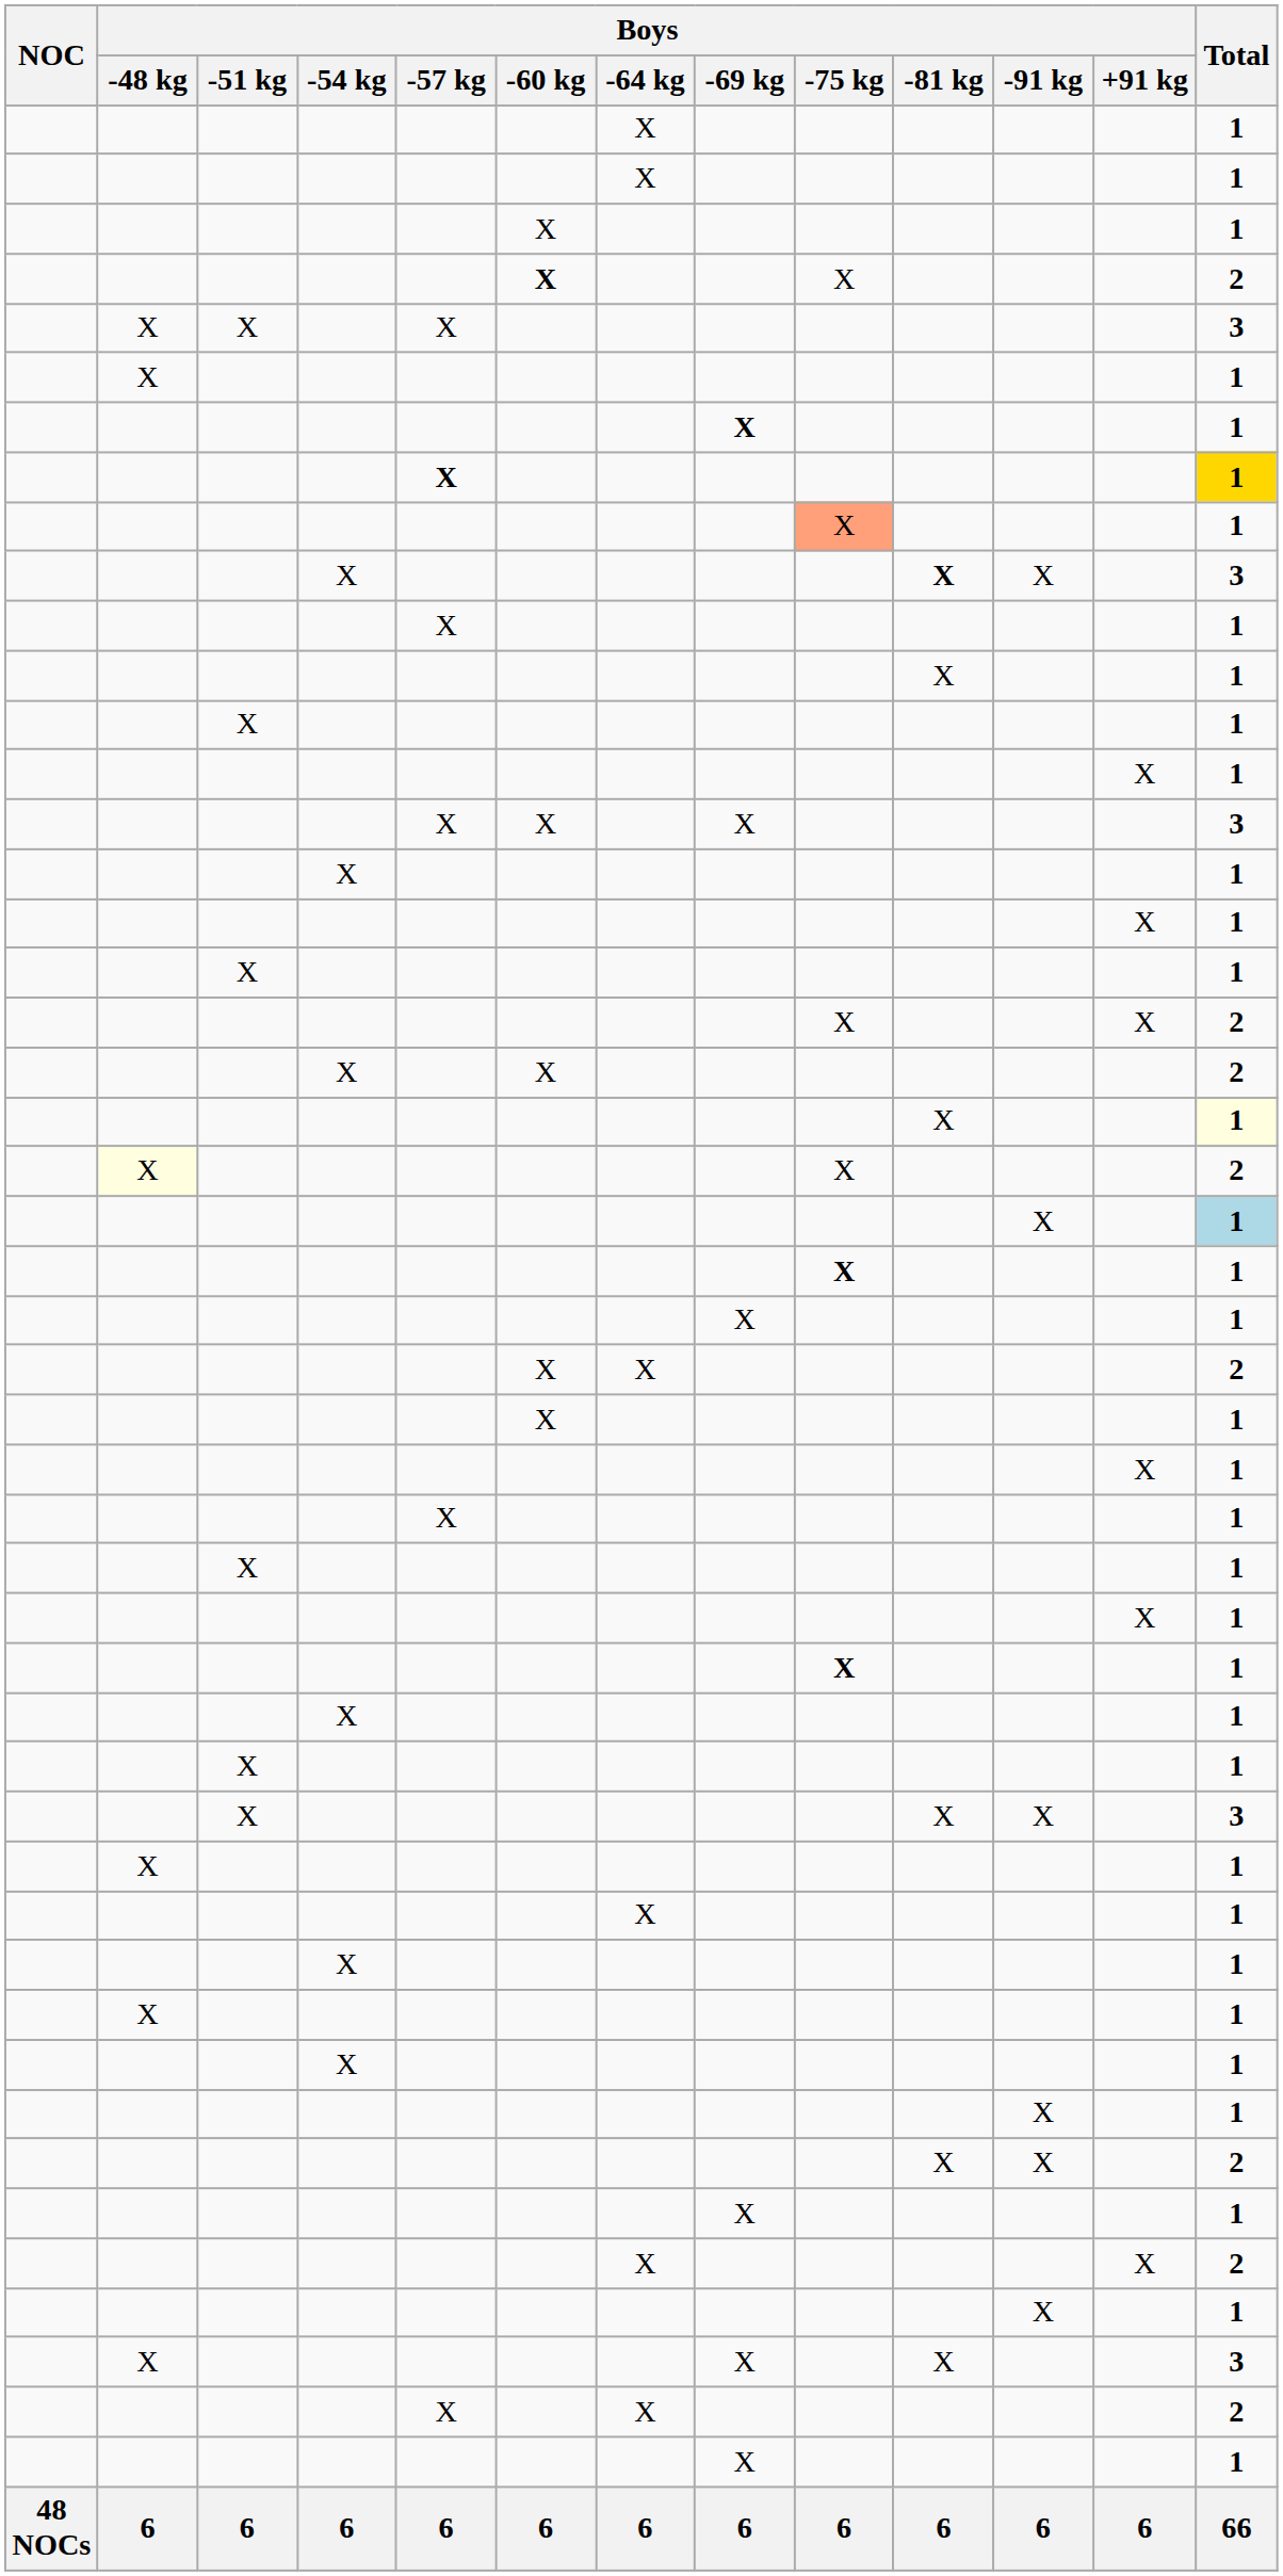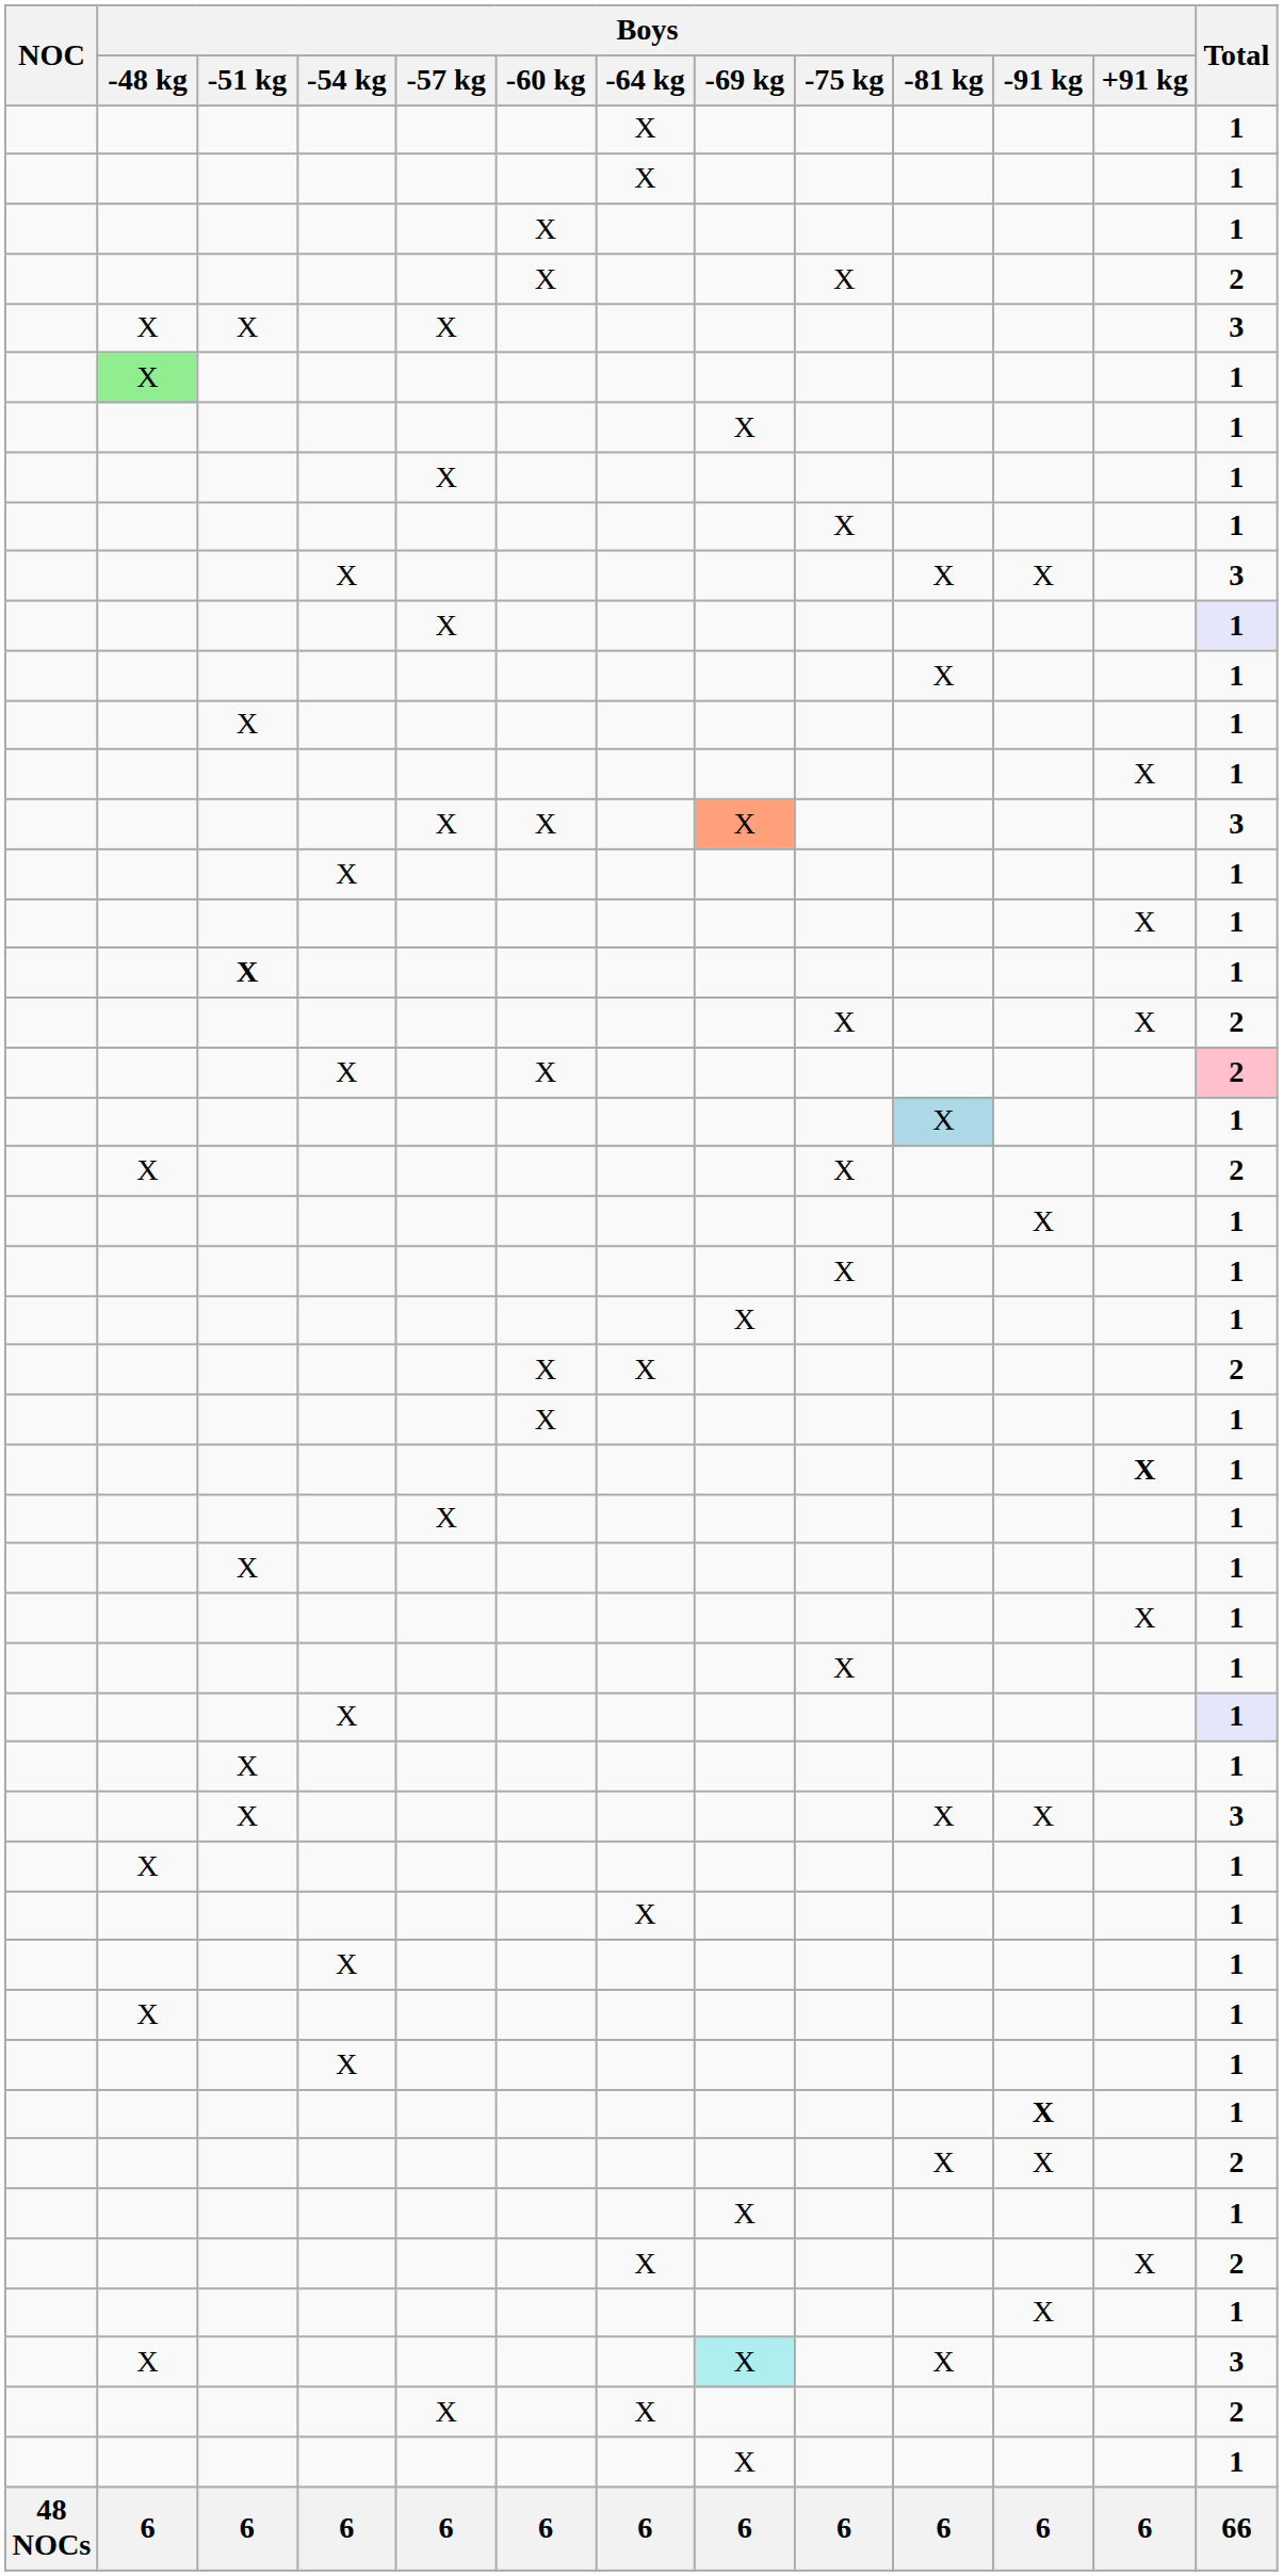 <table class="wikitable" style="text-align:center; font-size:90%">
 <tr>
 <th rowspan="2">NOC</th>
 <th colspan="11">Boys</th>
 <th rowspan="2">Total</th>
 </tr>
 <tr>
 <th width=45>-48 kg</th>
 <th width=45>-51 kg</th>
 <th width=45>-54 kg</th>
 <th width=45>-57 kg</th>
 <th width=45>-60 kg</th>
 <th width=45>-64 kg</th>
 <th width=45>-69 kg</th>
 <th width=45>-75 kg</th>
 <th width=45>-81 kg</th>
 <th width=45>-91 kg</th>
 <th width=45>+91 kg</th>
 </tr>
 <tr>
 <td align="left"></td>
 <td></td>
 <td></td>
 <td></td>
 <td></td>
 <td></td>
 <td>X</td>
 <td></td>
 <td></td>
 <td></td>
 <td></td>
 <td></td>
 <td><strong>1</strong></td>
 </tr>
 <tr>
 <td align="left"></td>
 <td></td>
 <td></td>
 <td></td>
 <td></td>
 <td></td>
 <td>X</td>
 <td></td>
 <td></td>
 <td></td>
 <td></td>
 <td></td>
 <td><strong>1</strong></td>
 </tr>
 <tr>
 <td align="left"></td>
 <td></td>
 <td></td>
 <td></td>
 <td></td>
 <td>X</td>
 <td></td>
 <td></td>
 <td></td>
 <td></td>
 <td></td>
 <td></td>
 <td><strong>1</strong></td>
 </tr>
 <tr>
 <td align="left"></td>
 <td></td>
 <td></td>
 <td></td>
 <td></td>
-<td><strong>X</strong></td>
+<td>X</td>
 <td></td>
 <td></td>
 <td>X</td>
 <td></td>
 <td></td>
 <td></td>
 <td><strong>2</strong></td>
 </tr>
 <tr>
 <td align="left"></td>
 <td>X</td>
 <td>X</td>
 <td></td>
 <td>X</td>
 <td></td>
 <td></td>
 <td></td>
 <td></td>
 <td></td>
 <td></td>
 <td></td>
 <td><strong>3</strong></td>
 </tr>
 <tr>
 <td align="left"></td>
-<td>X</td>
+<td style="background: lightgreen;">X</td>
 <td></td>
 <td></td>
 <td></td>
 <td></td>
 <td></td>
 <td></td>
 <td></td>
 <td></td>
 <td></td>
 <td></td>
 <td><strong>1</strong></td>
 </tr>
 <tr>
 <td align="left"></td>
 <td></td>
 <td></td>
 <td></td>
 <td></td>
 <td></td>
 <td></td>
-<td><strong>X</strong></td>
+<td>X</td>
 <td></td>
 <td></td>
 <td></td>
 <td></td>
 <td><strong>1</strong></td>
 </tr>
 <tr>
 <td align="left"></td>
 <td></td>
 <td></td>
 <td></td>
-<td><strong>X</strong></td>
+<td>X</td>
 <td></td>
 <td></td>
 <td></td>
 <td></td>
 <td></td>
 <td></td>
 <td></td>
-<td style="background: gold;"><strong>1</strong></td>
+<td><strong>1</strong></td>
 </tr>
 <tr>
 <td align="left"></td>
 <td></td>
 <td></td>
 <td></td>
 <td></td>
 <td></td>
 <td></td>
 <td></td>
-<td style="background: lightsalmon;">X</td>
+<td>X</td>
 <td></td>
 <td></td>
 <td></td>
 <td><strong>1</strong></td>
 </tr>
 <tr>
 <td align="left"></td>
 <td></td>
 <td></td>
 <td>X</td>
 <td></td>
 <td></td>
 <td></td>
 <td></td>
 <td></td>
-<td><strong>X</strong></td>
+<td>X</td>
 <td>X</td>
 <td></td>
 <td><strong>3</strong></td>
 </tr>
 <tr>
 <td align="left"></td>
 <td></td>
 <td></td>
 <td></td>
 <td>X</td>
 <td></td>
 <td></td>
 <td></td>
 <td></td>
 <td></td>
 <td></td>
 <td></td>
-<td><strong>1</strong></td>
+<td style="background: lavender;"><strong>1</strong></td>
 </tr>
 <tr>
 <td align="left"></td>
 <td></td>
 <td></td>
 <td></td>
 <td></td>
 <td></td>
 <td></td>
 <td></td>
 <td></td>
 <td>X</td>
 <td></td>
 <td></td>
 <td><strong>1</strong></td>
 </tr>
 <tr>
 <td align="left"></td>
 <td></td>
 <td>X</td>
 <td></td>
 <td></td>
 <td></td>
 <td></td>
 <td></td>
 <td></td>
 <td></td>
 <td></td>
 <td></td>
 <td><strong>1</strong></td>
 </tr>
 <tr>
 <td align="left"></td>
 <td></td>
 <td></td>
 <td></td>
 <td></td>
 <td></td>
 <td></td>
 <td></td>
 <td></td>
 <td></td>
 <td></td>
 <td>X</td>
 <td><strong>1</strong></td>
 </tr>
 <tr>
 <td align="left"></td>
 <td></td>
 <td></td>
 <td></td>
 <td>X</td>
 <td>X</td>
 <td></td>
-<td>X</td>
+<td style="background: lightsalmon;">X</td>
 <td></td>
 <td></td>
 <td></td>
 <td></td>
 <td><strong>3</strong></td>
 </tr>
 <tr>
 <td align="left"></td>
 <td></td>
 <td></td>
 <td>X</td>
 <td></td>
 <td></td>
 <td></td>
 <td></td>
 <td></td>
 <td></td>
 <td></td>
 <td></td>
 <td><strong>1</strong></td>
 </tr>
 <tr>
 <td align="left"></td>
 <td></td>
 <td></td>
 <td></td>
 <td></td>
 <td></td>
 <td></td>
 <td></td>
 <td></td>
 <td></td>
 <td></td>
 <td>X</td>
 <td><strong>1</strong></td>
 </tr>
 <tr>
 <td align="left"></td>
 <td></td>
-<td>X</td>
+<td><strong>X</strong></td>
 <td></td>
 <td></td>
 <td></td>
 <td></td>
 <td></td>
 <td></td>
 <td></td>
 <td></td>
 <td></td>
 <td><strong>1</strong></td>
 </tr>
 <tr>
 <td align="left"></td>
 <td></td>
 <td></td>
 <td></td>
 <td></td>
 <td></td>
 <td></td>
 <td></td>
 <td>X</td>
 <td></td>
 <td></td>
 <td>X</td>
 <td><strong>2</strong></td>
 </tr>
 <tr>
 <td align="left"></td>
 <td></td>
 <td></td>
 <td>X</td>
 <td></td>
 <td>X</td>
 <td></td>
 <td></td>
 <td></td>
 <td></td>
 <td></td>
 <td></td>
-<td><strong>2</strong></td>
+<td style="background: pink;"><strong>2</strong></td>
 </tr>
 <tr>
 <td align="left"></td>
 <td></td>
 <td></td>
 <td></td>
 <td></td>
 <td></td>
 <td></td>
 <td></td>
 <td></td>
-<td>X</td>
+<td style="background: lightblue;">X</td>
 <td></td>
 <td></td>
-<td style="background: lightyellow;"><strong>1</strong></td>
+<td><strong>1</strong></td>
 </tr>
 <tr>
 <td align="left"></td>
-<td style="background: lightyellow;">X</td>
+<td>X</td>
 <td></td>
 <td></td>
 <td></td>
 <td></td>
 <td></td>
 <td></td>
 <td>X</td>
 <td></td>
 <td></td>
 <td></td>
 <td><strong>2</strong></td>
 </tr>
 <tr>
 <td align="left"></td>
 <td></td>
 <td></td>
 <td></td>
 <td></td>
 <td></td>
 <td></td>
 <td></td>
 <td></td>
 <td></td>
 <td>X</td>
 <td></td>
-<td style="background: lightblue;"><strong>1</strong></td>
+<td><strong>1</strong></td>
 </tr>
 <tr>
 <td align="left"></td>
 <td></td>
 <td></td>
 <td></td>
 <td></td>
 <td></td>
 <td></td>
 <td></td>
-<td><strong>X</strong></td>
+<td>X</td>
 <td></td>
 <td></td>
 <td></td>
 <td><strong>1</strong></td>
 </tr>
 <tr>
 <td align="left"></td>
 <td></td>
 <td></td>
 <td></td>
 <td></td>
 <td></td>
 <td></td>
 <td>X</td>
 <td></td>
 <td></td>
 <td></td>
 <td></td>
 <td><strong>1</strong></td>
 </tr>
 <tr>
 <td align="left"></td>
 <td></td>
 <td></td>
 <td></td>
 <td></td>
 <td>X</td>
 <td>X</td>
 <td></td>
 <td></td>
 <td></td>
 <td></td>
 <td></td>
 <td><strong>2</strong></td>
 </tr>
 <tr>
 <td align="left"></td>
 <td></td>
 <td></td>
 <td></td>
 <td></td>
 <td>X</td>
 <td></td>
 <td></td>
 <td></td>
 <td></td>
 <td></td>
 <td></td>
 <td><strong>1</strong></td>
 </tr>
 <tr>
 <td align="left"></td>
 <td></td>
 <td></td>
 <td></td>
 <td></td>
 <td></td>
 <td></td>
 <td></td>
 <td></td>
 <td></td>
 <td></td>
-<td>X</td>
+<td><strong>X</strong></td>
 <td><strong>1</strong></td>
 </tr>
 <tr>
 <td align="left"></td>
 <td></td>
 <td></td>
 <td></td>
 <td>X</td>
 <td></td>
 <td></td>
 <td></td>
 <td></td>
 <td></td>
 <td></td>
 <td></td>
 <td><strong>1</strong></td>
 </tr>
 <tr>
 <td align="left"></td>
 <td></td>
 <td>X</td>
 <td></td>
 <td></td>
 <td></td>
 <td></td>
 <td></td>
 <td></td>
 <td></td>
 <td></td>
 <td></td>
 <td><strong>1</strong></td>
 </tr>
 <tr>
 <td align="left"></td>
 <td></td>
 <td></td>
 <td></td>
 <td></td>
 <td></td>
 <td></td>
 <td></td>
 <td></td>
 <td></td>
 <td></td>
 <td>X</td>
 <td><strong>1</strong></td>
 </tr>
 <tr>
 <td align="left"></td>
 <td></td>
 <td></td>
 <td></td>
 <td></td>
 <td></td>
 <td></td>
 <td></td>
-<td><strong>X</strong></td>
+<td>X</td>
 <td></td>
 <td></td>
 <td></td>
 <td><strong>1</strong></td>
 </tr>
 <tr>
 <td align="left"></td>
 <td></td>
 <td></td>
 <td>X</td>
 <td></td>
 <td></td>
 <td></td>
 <td></td>
 <td></td>
 <td></td>
 <td></td>
 <td></td>
-<td><strong>1</strong></td>
+<td style="background: lavender;"><strong>1</strong></td>
 </tr>
 <tr>
 <td align="left"></td>
 <td></td>
 <td>X</td>
 <td></td>
 <td></td>
 <td></td>
 <td></td>
 <td></td>
 <td></td>
 <td></td>
 <td></td>
 <td></td>
 <td><strong>1</strong></td>
 </tr>
 <tr>
 <td align="left"></td>
 <td></td>
 <td>X</td>
 <td></td>
 <td></td>
 <td></td>
 <td></td>
 <td></td>
 <td></td>
 <td>X</td>
 <td>X</td>
 <td></td>
 <td><strong>3</strong></td>
 </tr>
 <tr>
 <td align="left"></td>
 <td>X</td>
 <td></td>
 <td></td>
 <td></td>
 <td></td>
 <td></td>
 <td></td>
 <td></td>
 <td></td>
 <td></td>
 <td></td>
 <td><strong>1</strong></td>
 </tr>
 <tr>
 <td align="left"></td>
 <td></td>
 <td></td>
 <td></td>
 <td></td>
 <td></td>
 <td>X</td>
 <td></td>
 <td></td>
 <td></td>
 <td></td>
 <td></td>
 <td><strong>1</strong></td>
 </tr>
 <tr>
 <td align="left"></td>
 <td></td>
 <td></td>
 <td>X</td>
 <td></td>
 <td></td>
 <td></td>
 <td></td>
 <td></td>
 <td></td>
 <td></td>
 <td></td>
 <td><strong>1</strong></td>
 </tr>
 <tr>
 <td align="left"></td>
 <td>X</td>
 <td></td>
 <td></td>
 <td></td>
 <td></td>
 <td></td>
 <td></td>
 <td></td>
 <td></td>
 <td></td>
 <td></td>
 <td><strong>1</strong></td>
 </tr>
 <tr>
 <td align="left"></td>
 <td></td>
 <td></td>
 <td>X</td>
 <td></td>
 <td></td>
 <td></td>
 <td></td>
 <td></td>
 <td></td>
 <td></td>
 <td></td>
 <td><strong>1</strong></td>
 </tr>
 <tr>
 <td align="left"></td>
 <td></td>
 <td></td>
 <td></td>
 <td></td>
 <td></td>
 <td></td>
 <td></td>
 <td></td>
 <td></td>
-<td>X</td>
+<td><strong>X</strong></td>
 <td></td>
 <td><strong>1</strong></td>
 </tr>
 <tr>
 <td align="left"></td>
 <td></td>
 <td></td>
 <td></td>
 <td></td>
 <td></td>
 <td></td>
 <td></td>
 <td></td>
 <td>X</td>
 <td>X</td>
 <td></td>
 <td><strong>2</strong></td>
 </tr>
 <tr>
 <td align="left"></td>
 <td></td>
 <td></td>
 <td></td>
 <td></td>
 <td></td>
 <td></td>
 <td>X</td>
 <td></td>
 <td></td>
 <td></td>
 <td></td>
 <td><strong>1</strong></td>
 </tr>
 <tr>
 <td align="left"></td>
 <td></td>
 <td></td>
 <td></td>
 <td></td>
 <td></td>
 <td>X</td>
 <td></td>
 <td></td>
 <td></td>
 <td></td>
 <td>X</td>
 <td><strong>2</strong></td>
 </tr>
 <tr>
 <td align="left"></td>
 <td></td>
 <td></td>
 <td></td>
 <td></td>
 <td></td>
 <td></td>
 <td></td>
 <td></td>
 <td></td>
 <td>X</td>
 <td></td>
 <td><strong>1</strong></td>
 </tr>
 <tr>
 <td align="left"></td>
 <td>X</td>
 <td></td>
 <td></td>
 <td></td>
 <td></td>
 <td></td>
-<td>X</td>
+<td style="background: paleturquoise;">X</td>
 <td></td>
 <td>X</td>
 <td></td>
 <td></td>
 <td><strong>3</strong></td>
 </tr>
 <tr>
 <td align="left"></td>
 <td></td>
 <td></td>
 <td></td>
 <td>X</td>
 <td></td>
 <td>X</td>
 <td></td>
 <td></td>
 <td></td>
 <td></td>
 <td></td>
 <td><strong>2</strong></td>
 </tr>
 <tr>
 <td align="left"></td>
 <td></td>
 <td></td>
 <td></td>
 <td></td>
 <td></td>
 <td></td>
 <td>X</td>
 <td></td>
 <td></td>
 <td></td>
 <td></td>
 <td><strong>1</strong></td>
 </tr>
 <tr>
 <th>48 NOCs</th>
 <th>6</th>
 <th>6</th>
 <th>6</th>
 <th>6</th>
 <th>6</th>
 <th>6</th>
 <th>6</th>
 <th>6</th>
 <th>6</th>
 <th>6</th>
 <th>6</th>
 <th>66</th>
 </tr>
 </table>
